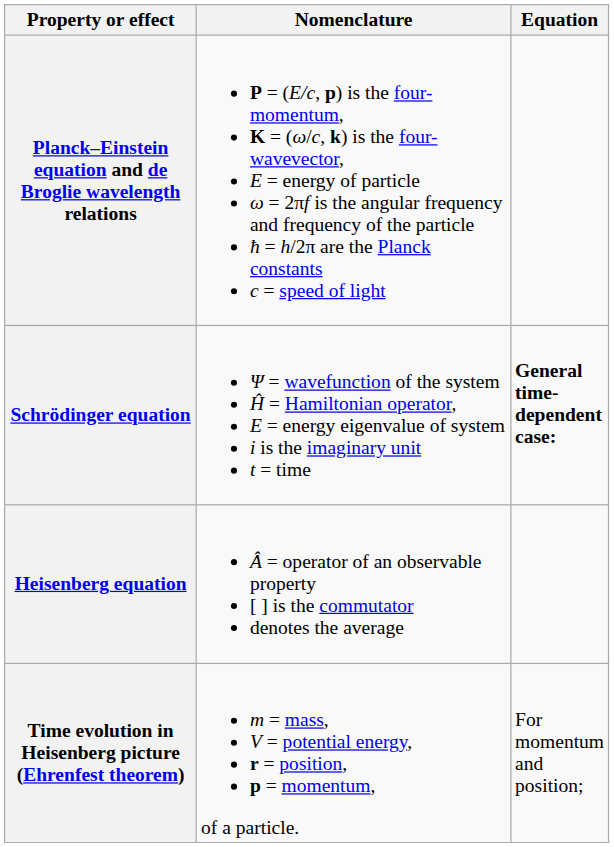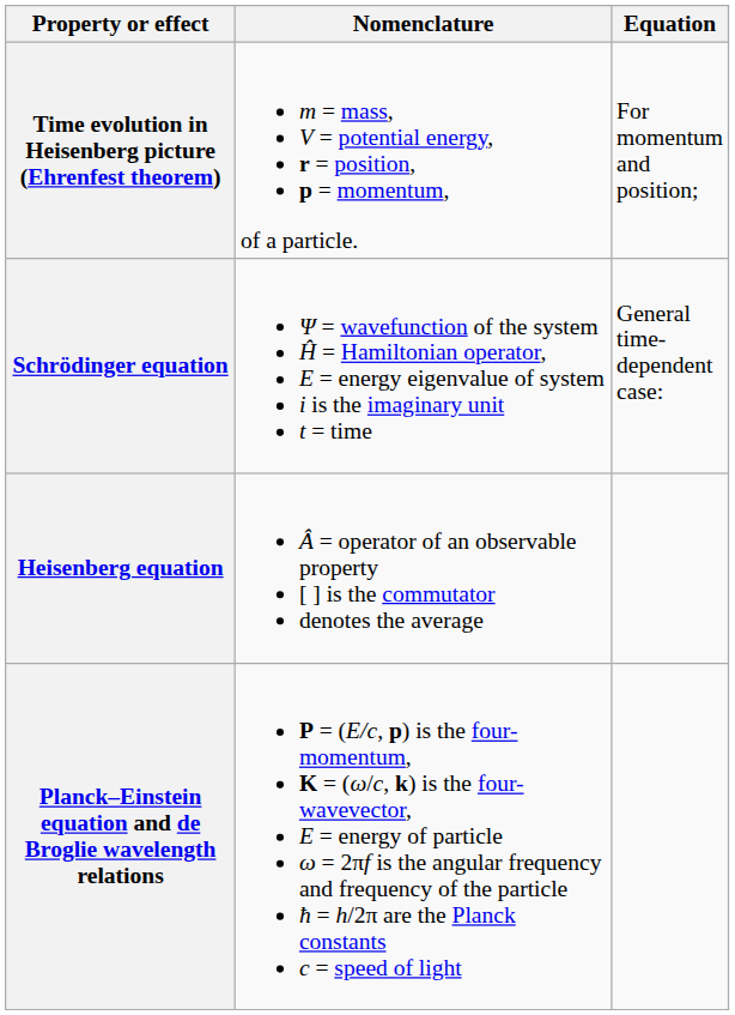 <table class="wikitable">
 <tr>
 <th scope="col" width="150">Property or effect</th>
 <th scope="col" width="250">Nomenclature</th>
 <th scope="col" width="10">Equation</th>
 </tr>
 <tr>
-<th><a href='#'>Planck–Einstein equation</a> and <a href='#'>de Broglie wavelength</a> relations</th>
-<td><br><ul><li><strong>P</strong> = (<em>E/c</em>, <strong>p</strong>) is the <a href='#'>four-momentum</a>,</li><li><strong>K</strong> = (<em>ω</em>/<em>c</em>, <strong>k</strong>) is the <a href='#'>four-wavevector</a>,</li><li><em>E</em> = energy of particle</li><li><em>ω</em> = 2π<em>f</em> is the angular frequency and frequency of the particle</li><li><em>ħ</em> = <em>h</em>/2π are the <a href='#'>Planck constants</a></li><li><em>c</em> = <a href='#'>speed of light</a></li></ul></td>
-<td></td>
+<th>Time evolution in Heisenberg picture (<a href='#'>Ehrenfest theorem</a>)</th>
+<td><br><ul><li><em>m</em> = <a href='#'>mass</a>,</li><li><em>V</em> = <a href='#'>potential energy</a>,</li><li><strong>r</strong> = <a href='#'>position</a>,</li><li><strong>p</strong> = <a href='#'>momentum</a>,</li></ul> of a particle.</td>
+<td><br>For momentum and position;<br><br></td>
 </tr>
 <tr>
 <th><a href='#'>Schrödinger equation</a></th>
 <td><br><ul><li><em>Ψ</em> = <a href='#'>wavefunction</a> of the system</li><li><em>Ĥ</em> = <a href='#'>Hamiltonian operator</a>,</li><li><em>E</em> = energy eigenvalue of system</li><li><em>i</em> is the <a href='#'>imaginary unit</a></li><li><em>t</em> = time</li></ul></td>
-<td><strong>General time-dependent case:<br><br></strong></td>
+<td>General time-dependent case:<br><br></td>
 </tr>
 <tr>
 <th><a href='#'>Heisenberg equation</a></th>
 <td><br><ul><li><em>Â</em> = operator of an observable property</li><li>[ ] is the <a href='#'>commutator</a></li><li> denotes the average</li></ul></td>
 <td></td>
 </tr>
 <tr>
-<th>Time evolution in Heisenberg picture (<a href='#'>Ehrenfest theorem</a>)</th>
-<td><br><ul><li><em>m</em> = <a href='#'>mass</a>,</li><li><em>V</em> = <a href='#'>potential energy</a>,</li><li><strong>r</strong> = <a href='#'>position</a>,</li><li><strong>p</strong> = <a href='#'>momentum</a>,</li></ul> of a particle.</td>
-<td><br>For momentum and position;<br><br></td>
+<th><a href='#'>Planck–Einstein equation</a> and <a href='#'>de Broglie wavelength</a> relations</th>
+<td><br><ul><li><strong>P</strong> = (<em>E/c</em>, <strong>p</strong>) is the <a href='#'>four-momentum</a>,</li><li><strong>K</strong> = (<em>ω</em>/<em>c</em>, <strong>k</strong>) is the <a href='#'>four-wavevector</a>,</li><li><em>E</em> = energy of particle</li><li><em>ω</em> = 2π<em>f</em> is the angular frequency and frequency of the particle</li><li><em>ħ</em> = <em>h</em>/2π are the <a href='#'>Planck constants</a></li><li><em>c</em> = <a href='#'>speed of light</a></li></ul></td>
+<td></td>
 </tr>
 <tr>
 </tr>
 </table>
